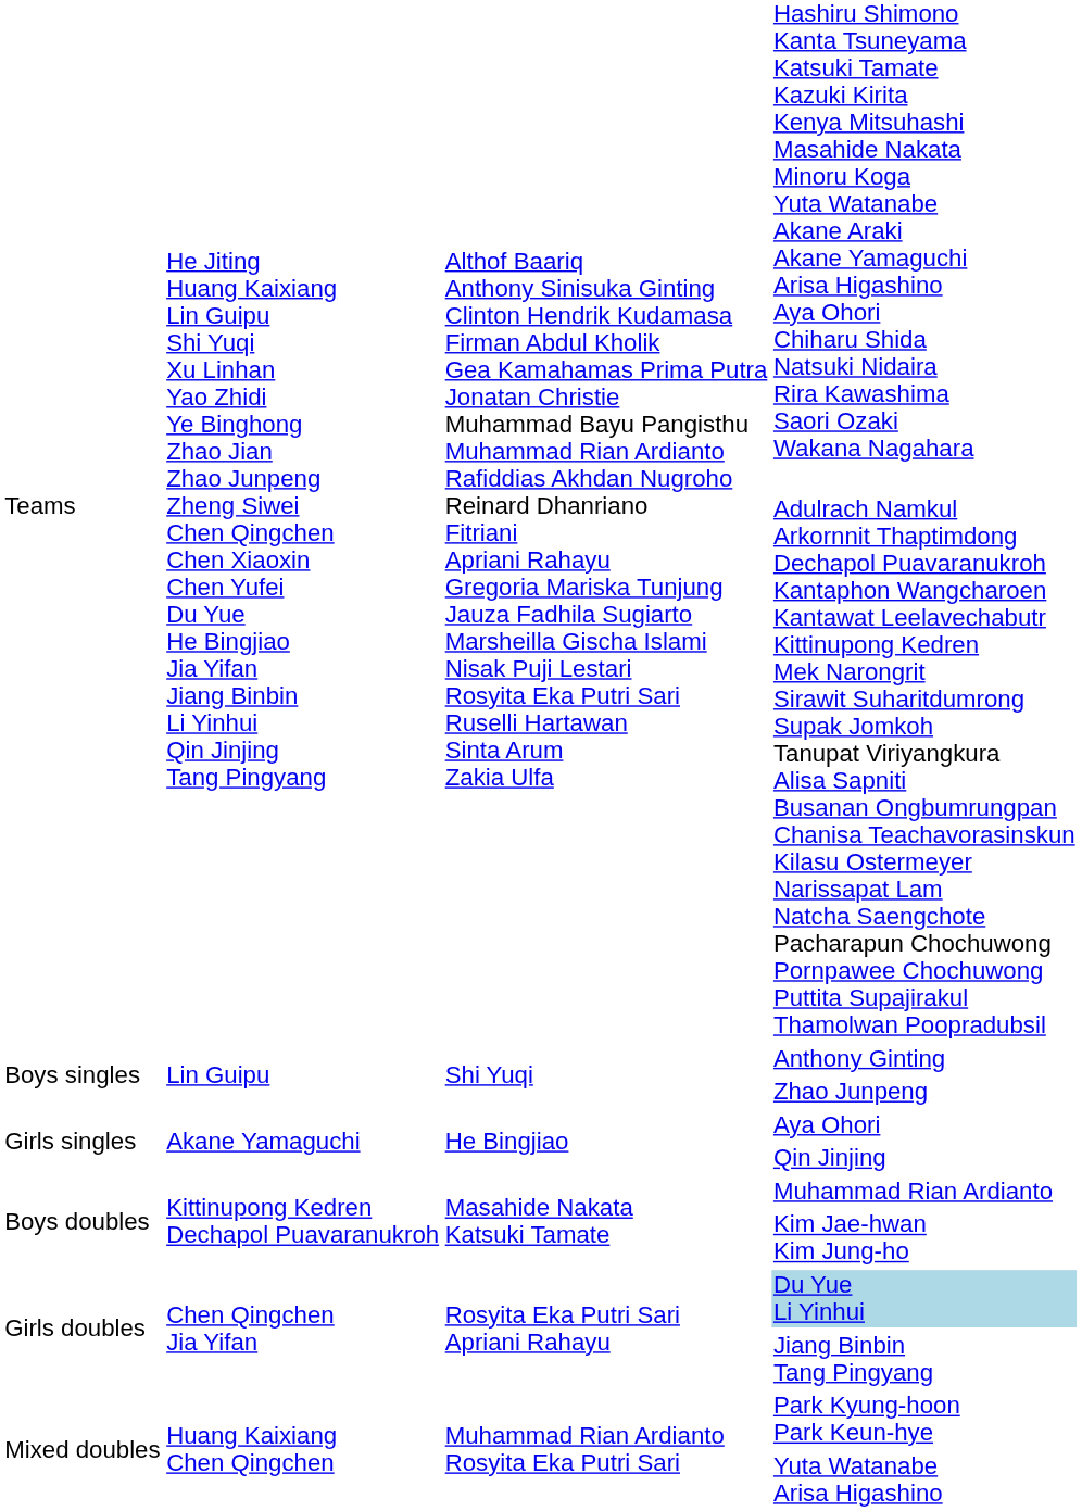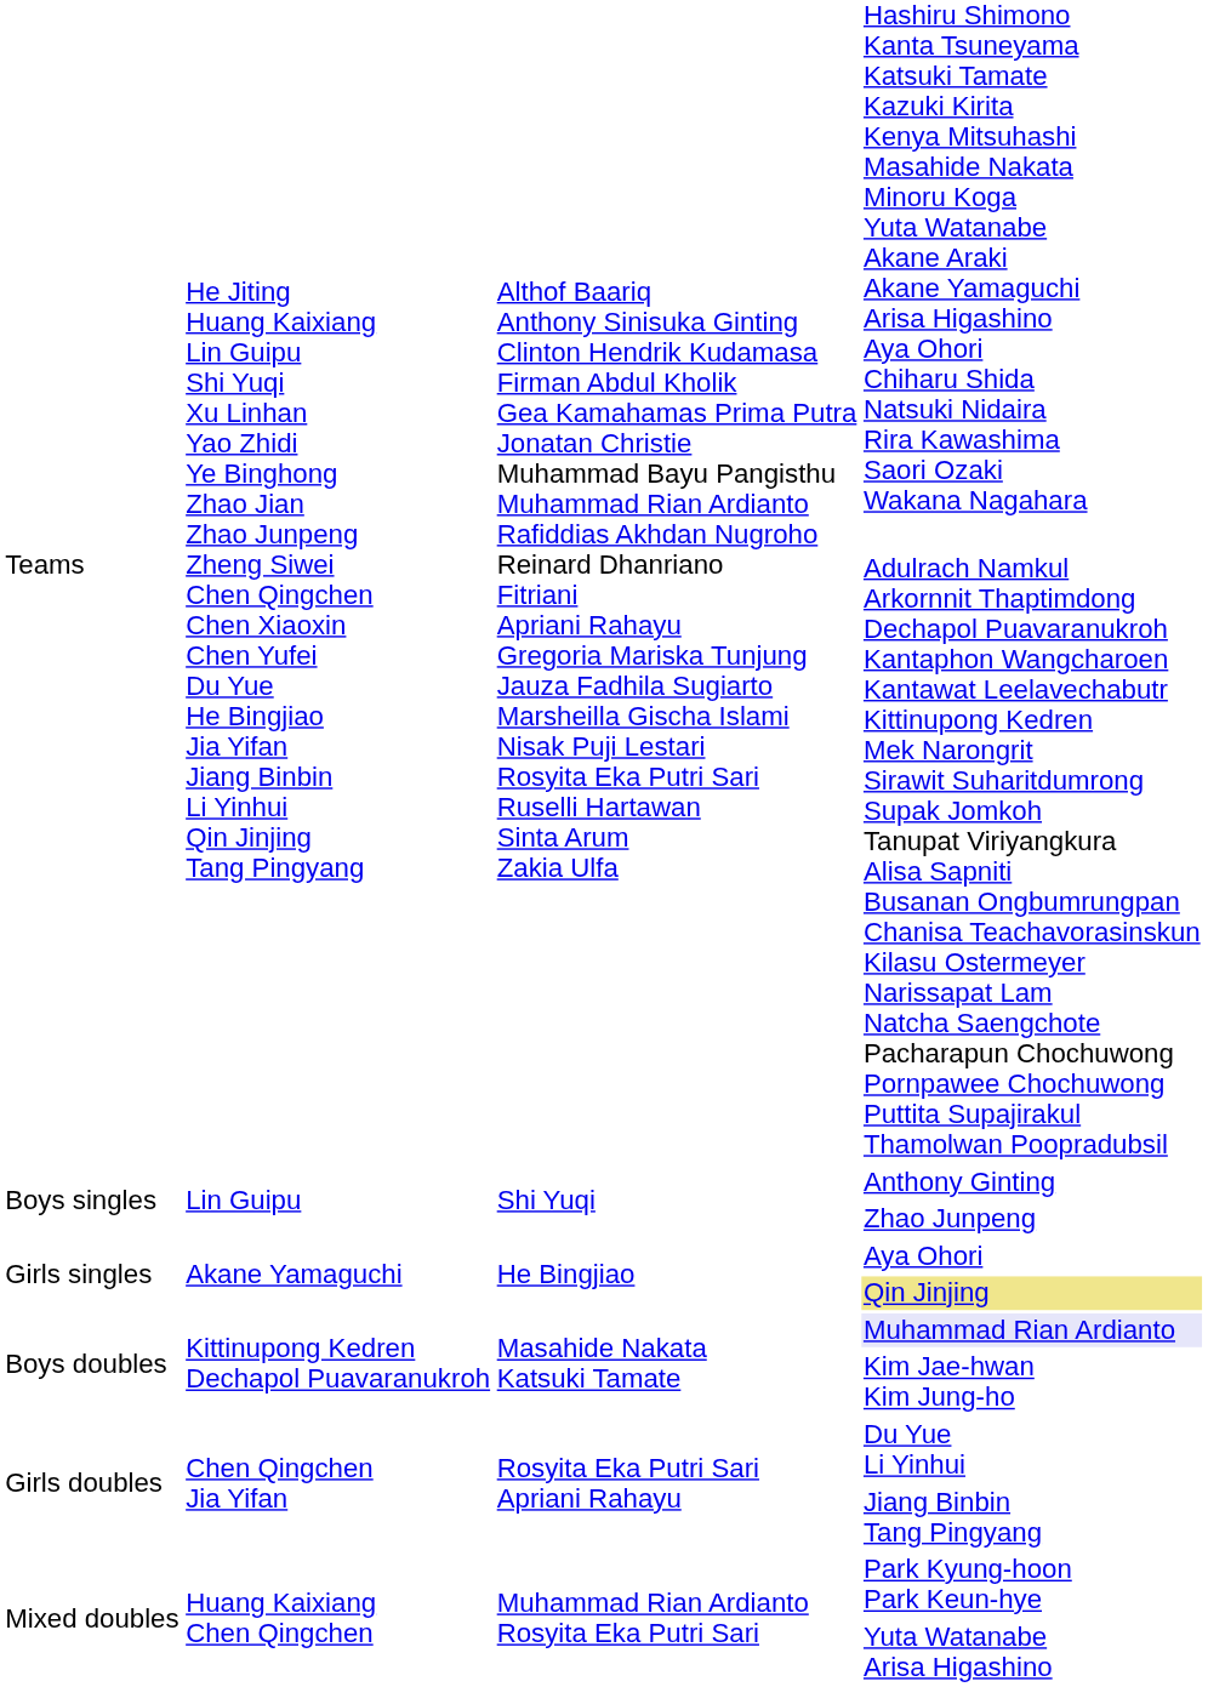 <table>
 <tr>
 <td rowspan=2>Teams<br></td>
 <td rowspan=2> <br><a href='#'>He Jiting</a><br><a href='#'>Huang Kaixiang</a><br><a href='#'>Lin Guipu</a><br><a href='#'>Shi Yuqi</a><br><a href='#'>Xu Linhan</a><br><a href='#'>Yao Zhidi</a><br><a href='#'>Ye Binghong</a><br><a href='#'>Zhao Jian</a><br><a href='#'>Zhao Junpeng</a><br><a href='#'>Zheng Siwei</a><br><a href='#'>Chen Qingchen</a><br><a href='#'>Chen Xiaoxin</a><br><a href='#'>Chen Yufei</a><br><a href='#'>Du Yue</a><br><a href='#'>He Bingjiao</a><br><a href='#'>Jia Yifan</a><br><a href='#'>Jiang Binbin</a><br><a href='#'>Li Yinhui</a><br><a href='#'>Qin Jinjing</a><br><a href='#'>Tang Pingyang</a></td>
 <td rowspan=2> <br><a href='#'>Althof Baariq</a><br><a href='#'>Anthony Sinisuka Ginting</a><br><a href='#'>Clinton Hendrik Kudamasa</a><br><a href='#'>Firman Abdul Kholik</a><br><a href='#'>Gea Kamahamas Prima Putra</a><br><a href='#'>Jonatan Christie</a><br>Muhammad Bayu Pangisthu<br><a href='#'>Muhammad Rian Ardianto</a><br><a href='#'>Rafiddias Akhdan Nugroho</a><br>Reinard Dhanriano<br><a href='#'>Fitriani</a><br><a href='#'>Apriani Rahayu</a><br><a href='#'>Gregoria Mariska Tunjung</a><br><a href='#'>Jauza Fadhila Sugiarto</a><br><a href='#'>Marsheilla Gischa Islami</a><br><a href='#'>Nisak Puji Lestari</a><br><a href='#'>Rosyita Eka Putri Sari</a><br><a href='#'>Ruselli Hartawan</a><br><a href='#'>Sinta Arum</a><br><a href='#'>Zakia Ulfa</a></td>
 <td> <br><a href='#'>Hashiru Shimono</a><br><a href='#'>Kanta Tsuneyama</a><br><a href='#'>Katsuki Tamate</a><br><a href='#'>Kazuki Kirita</a><br><a href='#'>Kenya Mitsuhashi</a><br><a href='#'>Masahide Nakata</a><br><a href='#'>Minoru Koga</a><br><a href='#'>Yuta Watanabe</a><br><a href='#'>Akane Araki</a><br><a href='#'>Akane Yamaguchi</a><br><a href='#'>Arisa Higashino</a><br><a href='#'>Aya Ohori</a><br><a href='#'>Chiharu Shida</a><br><a href='#'>Natsuki Nidaira</a><br><a href='#'>Rira Kawashima</a><br><a href='#'>Saori Ozaki</a><br><a href='#'>Wakana Nagahara</a></td>
 </tr>
 <tr>
 <td> <br><a href='#'>Adulrach Namkul</a><br><a href='#'>Arkornnit Thaptimdong</a><br><a href='#'>Dechapol Puavaranukroh</a><br><a href='#'>Kantaphon Wangcharoen</a><br><a href='#'>Kantawat Leelavechabutr</a><br><a href='#'>Kittinupong Kedren</a><br><a href='#'>Mek Narongrit</a><br><a href='#'>Sirawit Suharitdumrong</a><br><a href='#'>Supak Jomkoh</a><br>Tanupat Viriyangkura<br><a href='#'>Alisa Sapniti</a><br><a href='#'>Busanan Ongbumrungpan</a><br><a href='#'>Chanisa Teachavorasinskun</a><br><a href='#'>Kilasu Ostermeyer</a><br><a href='#'>Narissapat Lam</a><br><a href='#'>Natcha Saengchote</a><br>Pacharapun Chochuwong<br><a href='#'>Pornpawee Chochuwong</a><br><a href='#'>Puttita Supajirakul</a><br><a href='#'>Thamolwan Poopradubsil</a></td>
 </tr>
 <tr>
 <td rowspan=2>Boys singles<br></td>
 <td rowspan=2> <a href='#'>Lin Guipu</a></td>
 <td rowspan=2> <a href='#'>Shi Yuqi</a></td>
 <td> <a href='#'>Anthony Ginting</a></td>
 </tr>
 <tr>
 <td> <a href='#'>Zhao Junpeng</a></td>
 </tr>
 <tr>
 <td rowspan=2>Girls singles<br></td>
 <td rowspan=2> <a href='#'>Akane Yamaguchi</a></td>
 <td rowspan=2> <a href='#'>He Bingjiao</a></td>
 <td> <a href='#'>Aya Ohori</a></td>
 </tr>
 <tr>
-<td> <a href='#'>Qin Jinjing</a></td>
+<td style="background: khaki;"> <a href='#'>Qin Jinjing</a></td>
 </tr>
 <tr>
 <td rowspan=2>Boys doubles<br></td>
 <td rowspan=2> <a href='#'>Kittinupong Kedren</a><br> <a href='#'>Dechapol Puavaranukroh</a></td>
 <td rowspan=2> <a href='#'>Masahide Nakata</a><br> <a href='#'>Katsuki Tamate</a></td>
-<td> <a href='#'>Muhammad Rian Ardianto</a><br></td>
+<td style="background: lavender;"> <a href='#'>Muhammad Rian Ardianto</a><br></td>
 </tr>
 <tr>
 <td> <a href='#'>Kim Jae-hwan</a><br> <a href='#'>Kim Jung-ho</a></td>
 </tr>
 <tr>
 <td rowspan=2>Girls doubles<br></td>
 <td rowspan=2> <a href='#'>Chen Qingchen</a><br> <a href='#'>Jia Yifan</a></td>
 <td rowspan=2> <a href='#'>Rosyita Eka Putri Sari</a><br> <a href='#'>Apriani Rahayu</a></td>
-<td style="background: lightblue;"> <a href='#'>Du Yue</a><br> <a href='#'>Li Yinhui</a></td>
+<td> <a href='#'>Du Yue</a><br> <a href='#'>Li Yinhui</a></td>
 </tr>
 <tr>
 <td> <a href='#'>Jiang Binbin</a><br> <a href='#'>Tang Pingyang</a></td>
 </tr>
 <tr>
 <td rowspan=2>Mixed doubles<br></td>
 <td rowspan=2> <a href='#'>Huang Kaixiang</a><br> <a href='#'>Chen Qingchen</a></td>
 <td rowspan=2> <a href='#'>Muhammad Rian Ardianto</a><br> <a href='#'>Rosyita Eka Putri Sari</a></td>
 <td> <a href='#'>Park Kyung-hoon</a><br> <a href='#'>Park Keun-hye</a></td>
 </tr>
 <tr>
 <td> <a href='#'>Yuta Watanabe</a><br> <a href='#'>Arisa Higashino</a></td>
 </tr>
 </table>
